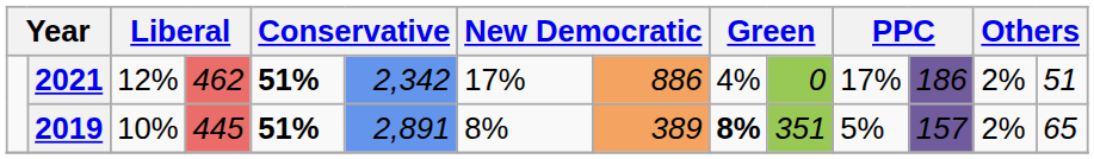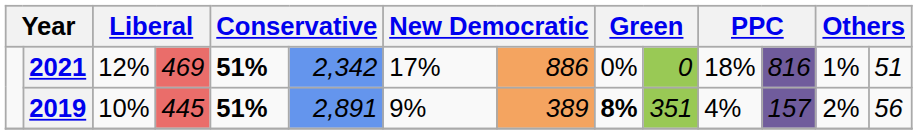 <table class="wikitable" style="float:right; width:400; font-size:90%; margin-left:1em;">
 <tr>
 <th colspan="2" scope="col">Year</th>
 <th colspan="2" scope="col"><a href='#'>Liberal</a></th>
 <th colspan="2" scope="col"><a href='#'>Conservative</a></th>
 <th colspan="2" scope="col"><a href='#'>New Democratic</a></th>
 <th colspan="2" scope="col"><a href='#'>Green</a></th>
 <th colspan="2" scope="col"><a href='#'>PPC</a></th>
 <th colspan="2" scope="col"><a href='#'>Others</a></th>
 </tr>
 <tr>
 <td rowspan="2" style="width: 0.25em; background-color: "></td>
 <th><a href='#'>2021</a></th>
 <td>12%</td>
-<td style="text-align:right; background:#EA6D6A;"><em>462</em></td>
+<td style="text-align:right; background:#EA6D6A;"><em>469</em></td>
 <td><strong>51%</strong></td>
 <td style="text-align:right; background:#6495ED;"><em>2,342</em></td>
 <td>17%</td>
 <td style="text-align:right; background:#F4A460;"><em>886</em></td>
-<td>4%</td>
+<td>0%</td>
 <td style="text-align:right; background:#99C955;"><em>0</em></td>
-<td>17%</td>
-<td style="text-align:right; background:#705c9c;"><em>186</em></td>
-<td>2%</td>
+<td>18%</td>
+<td style="text-align:right; background:#705c9c;"><em>816</em></td>
+<td>1%</td>
 <td><em>51</em></td>
 </tr>
 <tr>
 <th><a href='#'>2019</a></th>
 <td>10%</td>
 <td style="text-align:right; background:#EA6D6A;"><em>445</em></td>
 <td><strong>51%</strong></td>
 <td style="text-align:right; background:#6495ED;"><em>2,891</em></td>
-<td>8%</td>
+<td>9%</td>
 <td style="text-align:right; background:#F4A460;"><em>389</em></td>
 <td><strong>8%</strong></td>
 <td style="text-align:right; background:#99C955;"><em>351</em></td>
-<td>5%</td>
+<td>4%</td>
 <td style="text-align:right; background:#705c9c;"><em>157</em></td>
 <td>2%</td>
-<td><em>65</em></td>
+<td><em>56</em></td>
 </tr>
 <tr>
 </tr>
 </table>
